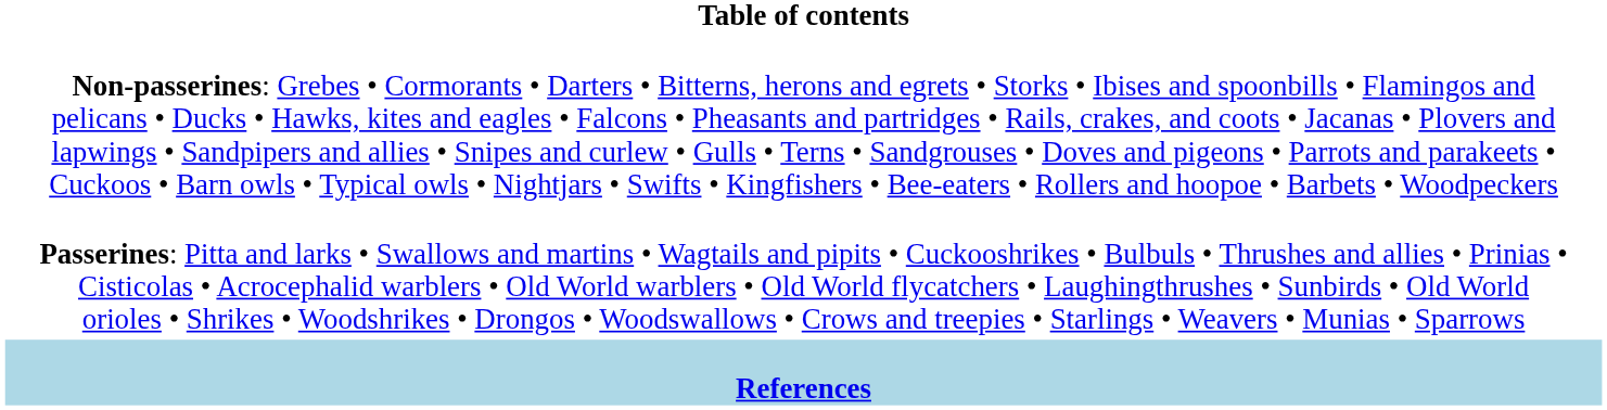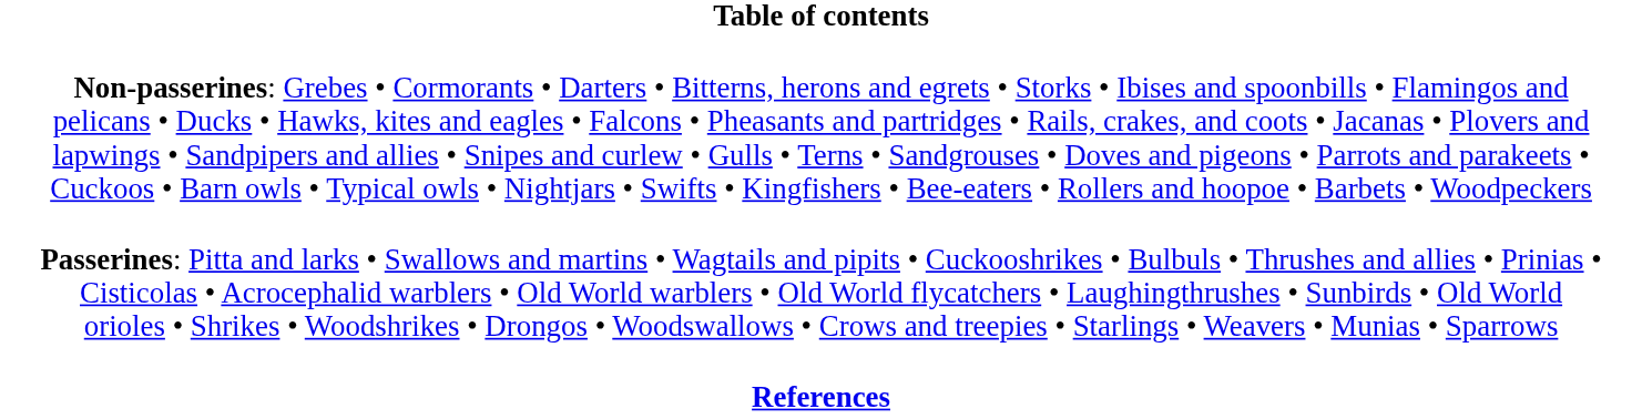 <table class="toccolours" style="margin:0 auto; width:55em;">
 <tr>
 <th>Table of contents</th>
 </tr>
 <tr>
 <td class="wikitable nowraplinks" style="padding:0 2% 0 2%; text-align:center;"><br><strong>Non-passerines</strong>: <a href='#'>Grebes</a> • <a href='#'>Cormorants</a> • <a href='#'>Darters</a> • <a href='#'>Bitterns, herons and egrets</a> • <a href='#'>Storks</a> • <a href='#'>Ibises and spoonbills</a> • <a href='#'>Flamingos and pelicans</a> • <a href='#'>Ducks</a> • <a href='#'>Hawks, kites and eagles</a> • <a href='#'>Falcons</a> • <a href='#'>Pheasants and partridges</a> • <a href='#'>Rails, crakes, and coots</a> • <a href='#'>Jacanas</a> • <a href='#'>Plovers and lapwings</a> • <a href='#'>Sandpipers and allies</a> • <a href='#'>Snipes and curlew</a> • <a href='#'>Gulls</a> • <a href='#'>Terns</a> • <a href='#'>Sandgrouses</a> • <a href='#'>Doves and pigeons</a> • <a href='#'>Parrots and parakeets</a> • <a href='#'>Cuckoos</a> • <a href='#'>Barn owls</a> • <a href='#'>Typical owls</a> • <a href='#'>Nightjars</a> • <a href='#'>Swifts</a> • <a href='#'>Kingfishers</a> • <a href='#'>Bee-eaters</a> • <a href='#'>Rollers and hoopoe</a> • <a href='#'>Barbets</a> • <a href='#'>Woodpeckers</a></td>
 </tr>
 <tr>
 <td class="wikitable nowraplinks" style="padding:0 2% 0 2%; text-align:center;"><br><strong>Passerines</strong>: <a href='#'>Pitta and larks</a> • <a href='#'>Swallows and martins</a> • <a href='#'>Wagtails and pipits</a> • <a href='#'>Cuckooshrikes</a> • <a href='#'>Bulbuls</a> • <a href='#'>Thrushes and allies</a> • <a href='#'>Prinias</a> • <a href='#'>Cisticolas</a> • <a href='#'>Acrocephalid warblers</a> • <a href='#'>Old World warblers</a> • <a href='#'>Old World flycatchers</a> • <a href='#'>Laughingthrushes</a> • <a href='#'>Sunbirds</a> • <a href='#'>Old World orioles</a> • <a href='#'>Shrikes</a> • <a href='#'>Woodshrikes</a> • <a href='#'>Drongos</a> • <a href='#'>Woodswallows</a> • <a href='#'>Crows and treepies</a> • <a href='#'>Starlings</a> • <a href='#'>Weavers</a> • <a href='#'>Munias</a> • <a href='#'>Sparrows</a></td>
 </tr>
 <tr>
-<td class="wikitable nowraplinks" style="background: lightblue; padding:0 2% 0 2%; text-align:center;"><br><strong><a href='#'>References</a></strong></td>
+<td class="wikitable nowraplinks" style="padding:0 2% 0 2%; text-align:center;"><br><strong><a href='#'>References</a></strong></td>
 </tr>
 </table>
